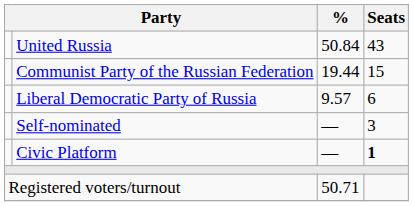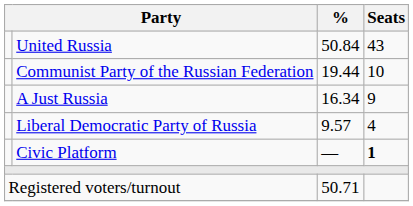 <table class="wikitable">
 <tr>
 <th colspan=2>Party</th>
 <th>%</th>
 <th>Seats</th>
 </tr>
 <tr>
 <td style="background:"></td>
 <td><a href='#'>United Russia</a></td>
 <td>50.84</td>
 <td>43</td>
 </tr>
 <tr>
 <td style="background:"></td>
 <td><a href='#'>Communist Party of the Russian Federation</a></td>
 <td>19.44</td>
-<td>15</td>
+<td>10</td>
+</tr>
+<tr>
+<td style="background:"></td>
+<td><a href='#'>A Just Russia</a></td>
+<td>16.34</td>
+<td>9</td>
 </tr>
 <tr>
 <td style="background:"></td>
 <td><a href='#'>Liberal Democratic Party of Russia</a></td>
 <td>9.57</td>
-<td>6</td>
-</tr>
-<tr>
-<td style="background:"></td>
-<td><a href='#'>Self-nominated</a></td>
-<td>—</td>
-<td>3</td>
+<td>4</td>
 </tr>
 <tr>
 <td style="background:"></td>
 <td><a href='#'>Civic Platform</a></td>
 <td>—</td>
 <td><strong>1</strong></td>
 </tr>
 <tr>
 <td colspan=4 style="background:#E9E9E9;"></td>
 </tr>
 <tr>
 <td align=left colspan=2>Registered voters/turnout</td>
 <td>50.71</td>
 <td></td>
 </tr>
 <tr>
 </tr>
 </table>
